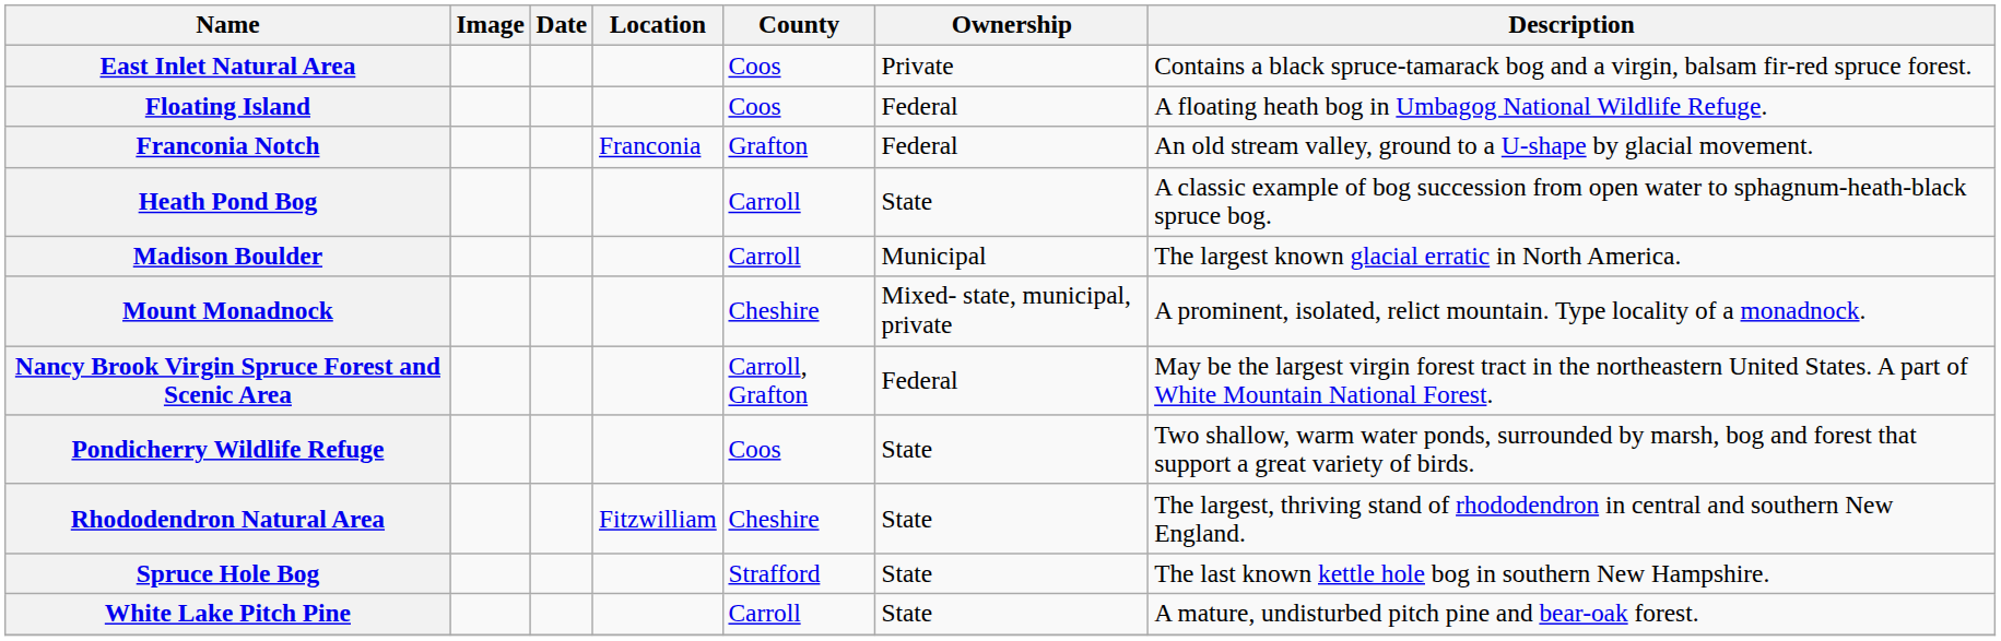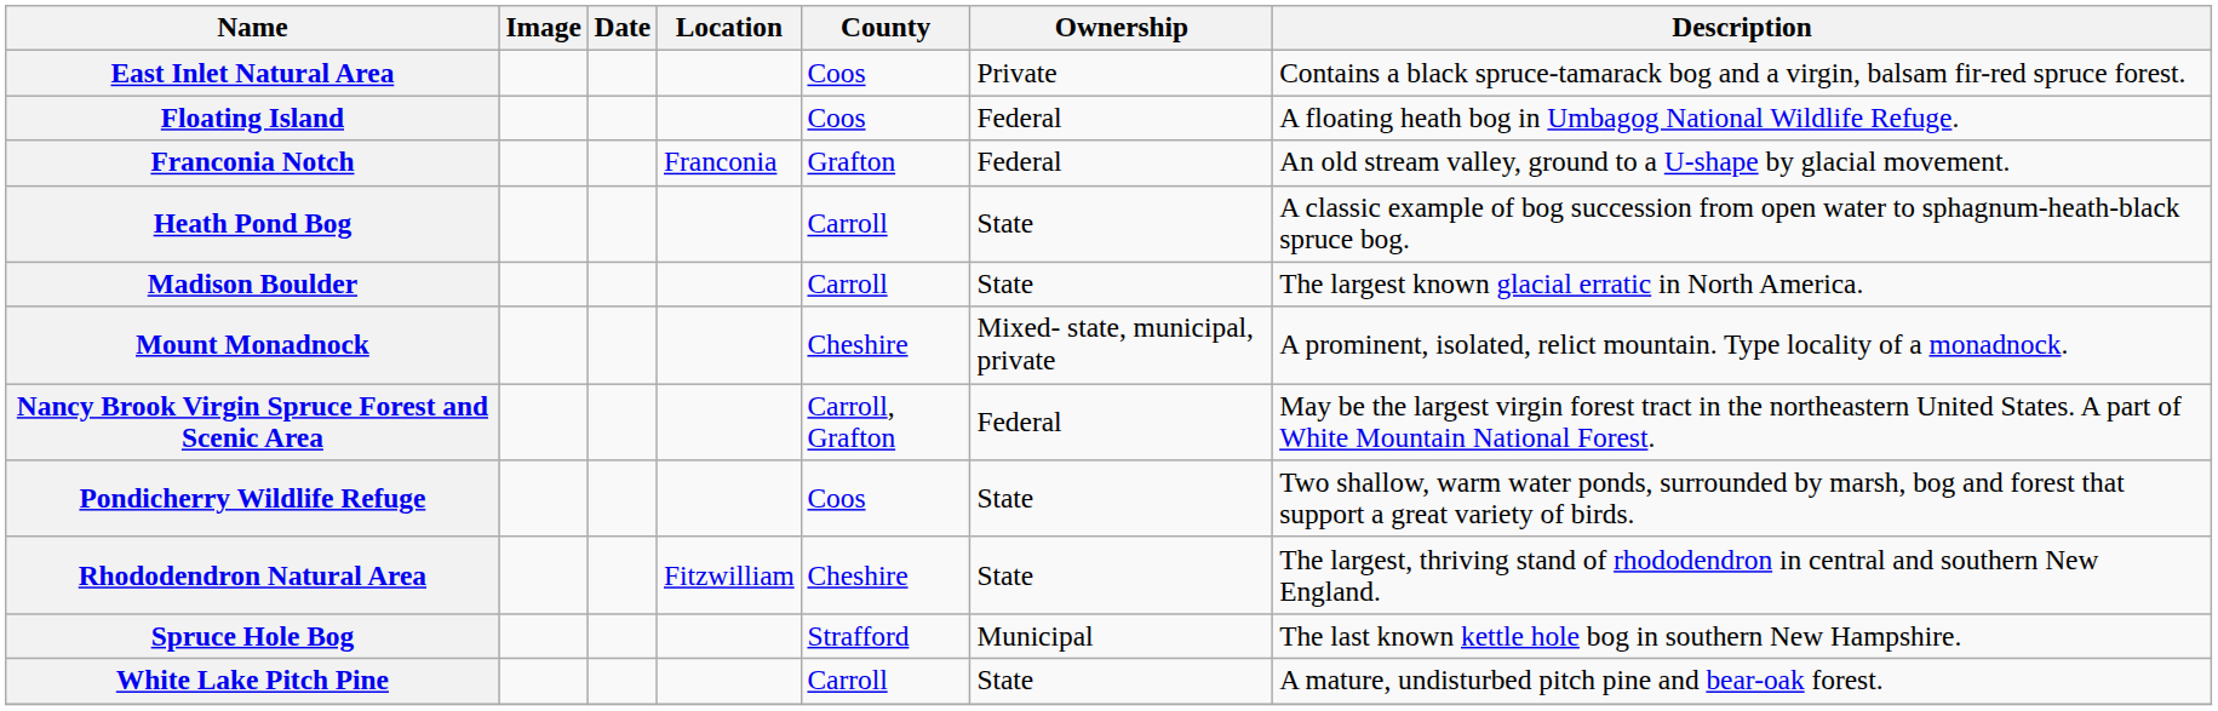 <table class="wikitable sortable" align="center">
 <tr>
 <th style="background-color:">Name</th>
 <th style="background-color:">Image</th>
 <th style="background-color:">Date</th>
 <th style="background-color:">Location</th>
 <th style="background-color:">County</th>
 <th style="background-color:">Ownership</th>
 <th style="background-color:">Description</th>
 </tr>
 <tr>
 <th><a href='#'>East Inlet Natural Area</a></th>
 <td></td>
 <td></td>
 <td></td>
 <td><a href='#'>Coos</a></td>
 <td>Private</td>
 <td>Contains a black spruce-tamarack bog and a virgin, balsam fir-red spruce forest.</td>
 </tr>
 <tr>
 <th><a href='#'>Floating Island</a></th>
 <td></td>
 <td></td>
 <td></td>
 <td><a href='#'>Coos</a></td>
 <td>Federal</td>
 <td>A floating heath bog in <a href='#'>Umbagog National Wildlife Refuge</a>.</td>
 </tr>
 <tr>
 <th><a href='#'>Franconia Notch</a></th>
 <td></td>
 <td></td>
 <td><a href='#'>Franconia</a>  </td>
 <td><a href='#'>Grafton</a></td>
 <td>Federal</td>
 <td>An old stream valley, ground to a <a href='#'>U-shape</a> by glacial movement.</td>
 </tr>
 <tr>
 <th><a href='#'>Heath Pond Bog</a></th>
 <td></td>
 <td></td>
 <td></td>
 <td><a href='#'>Carroll</a></td>
 <td>State</td>
 <td>A classic example of bog succession from open water to sphagnum-heath-black spruce bog.</td>
 </tr>
 <tr>
 <th><a href='#'>Madison Boulder</a></th>
 <td></td>
 <td></td>
 <td></td>
 <td><a href='#'>Carroll</a></td>
-<td>Municipal</td>
+<td>State</td>
 <td>The largest known <a href='#'>glacial erratic</a> in North America.</td>
 </tr>
 <tr>
 <th><a href='#'>Mount Monadnock</a></th>
 <td></td>
 <td></td>
 <td></td>
 <td><a href='#'>Cheshire</a></td>
 <td>Mixed- state, municipal, private</td>
 <td>A prominent, isolated, relict mountain. Type locality of a <a href='#'>monadnock</a>.</td>
 </tr>
 <tr>
 <th><a href='#'>Nancy Brook Virgin Spruce Forest and Scenic Area</a></th>
 <td></td>
 <td></td>
 <td></td>
 <td><a href='#'>Carroll</a>, <a href='#'>Grafton</a></td>
 <td>Federal</td>
 <td>May be the largest virgin forest tract in the northeastern United States. A part of <a href='#'>White Mountain National Forest</a>.</td>
 </tr>
 <tr>
 <th><a href='#'>Pondicherry Wildlife Refuge</a></th>
 <td></td>
 <td></td>
 <td></td>
 <td><a href='#'>Coos</a></td>
 <td>State</td>
 <td>Two shallow, warm water ponds, surrounded by marsh, bog and forest that support a great variety of birds.</td>
 </tr>
 <tr>
 <th><a href='#'>Rhododendron Natural Area</a></th>
 <td></td>
 <td></td>
 <td><a href='#'>Fitzwilliam</a>  </td>
 <td><a href='#'>Cheshire</a></td>
 <td>State</td>
 <td>The largest, thriving stand of <a href='#'>rhododendron</a> in central and southern New England.</td>
 </tr>
 <tr>
 <th><a href='#'>Spruce Hole Bog</a></th>
 <td></td>
 <td></td>
 <td></td>
 <td><a href='#'>Strafford</a></td>
-<td>State</td>
+<td>Municipal</td>
 <td>The last known <a href='#'>kettle hole</a> bog in southern New Hampshire.</td>
 </tr>
 <tr>
 <th><a href='#'>White Lake Pitch Pine</a></th>
 <td></td>
 <td></td>
 <td></td>
 <td><a href='#'>Carroll</a></td>
 <td>State</td>
 <td>A mature, undisturbed pitch pine and <a href='#'>bear-oak</a> forest.</td>
 </tr>
 <tr>
 </tr>
 </table>
